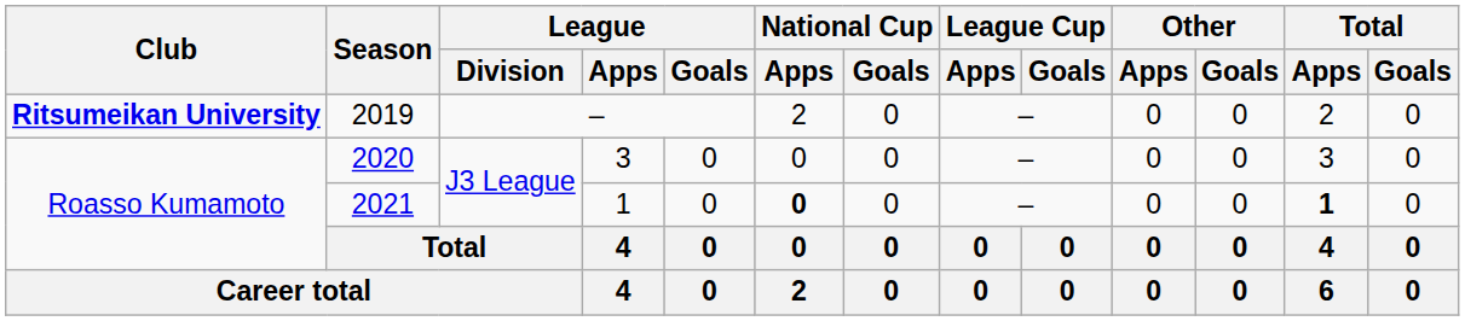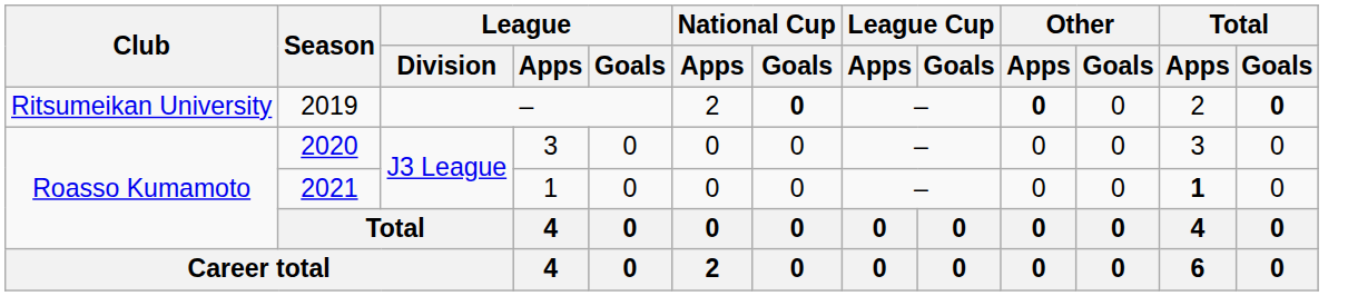 <table class="wikitable" style="text-align: center">
 <tr>
 <th rowspan="2">Club</th>
 <th rowspan="2">Season</th>
 <th colspan="3">League</th>
 <th colspan="2">National Cup</th>
 <th colspan="2">League Cup</th>
 <th colspan="2">Other</th>
 <th colspan="2">Total</th>
 </tr>
 <tr>
 <th>Division</th>
 <th>Apps</th>
 <th>Goals</th>
 <th>Apps</th>
 <th>Goals</th>
 <th>Apps</th>
 <th>Goals</th>
 <th>Apps</th>
 <th>Goals</th>
 <th>Apps</th>
 <th>Goals</th>
 </tr>
 <tr>
-<td><strong><a href='#'>Ritsumeikan University</a></strong></td>
+<td><a href='#'>Ritsumeikan University</a></td>
 <td>2019</td>
 <td colspan="3">–</td>
 <td>2</td>
-<td>0</td>
+<td><strong>0</strong></td>
 <td colspan="2">–</td>
-<td>0</td>
+<td><strong>0</strong></td>
 <td>0</td>
 <td>2</td>
-<td>0</td>
+<td><strong>0</strong></td>
 </tr>
 <tr>
 <td rowspan="3"><a href='#'>Roasso Kumamoto</a></td>
 <td><a href='#'>2020</a></td>
 <td rowspan="2"><a href='#'>J3 League</a></td>
 <td>3</td>
 <td>0</td>
 <td>0</td>
 <td>0</td>
 <td colspan="2">–</td>
 <td>0</td>
 <td>0</td>
 <td>3</td>
 <td>0</td>
 </tr>
 <tr>
 <td><a href='#'>2021</a></td>
 <td>1</td>
 <td>0</td>
-<td><strong>0</strong></td>
+<td>0</td>
 <td>0</td>
 <td colspan="2">–</td>
 <td>0</td>
 <td>0</td>
 <td><strong>1</strong></td>
 <td>0</td>
 </tr>
 <tr>
 <th colspan=2>Total</th>
 <th>4</th>
 <th>0</th>
 <th>0</th>
 <th>0</th>
 <th>0</th>
 <th>0</th>
 <th>0</th>
 <th>0</th>
 <th>4</th>
 <th>0</th>
 </tr>
 <tr>
 <th colspan=3>Career total</th>
 <th>4</th>
 <th>0</th>
 <th>2</th>
 <th>0</th>
 <th>0</th>
 <th>0</th>
 <th>0</th>
 <th>0</th>
 <th>6</th>
 <th>0</th>
 </tr>
 </table>
